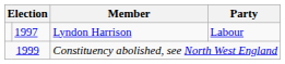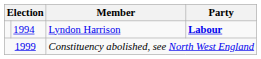 <table class="wikitable">
 <tr>
 <th colspan="2">Election</th>
 <th>Member</th>
 <th>Party</th>
 </tr>
 <tr>
 <td style="background-color: "></td>
-<td><a href='#'>1997</a></td>
+<td><a href='#'>1994</a></td>
 <td><a href='#'>Lyndon Harrison</a></td>
-<td><a href='#'>Labour</a></td>
+<td><strong><a href='#'>Labour</a></strong></td>
 </tr>
 <tr>
 <td colspan="2" align="center"><a href='#'>1999</a></td>
 <td colspan="2"><em>Constituency abolished, see <a href='#'>North West England</a></em></td>
 </tr>
 </table>
